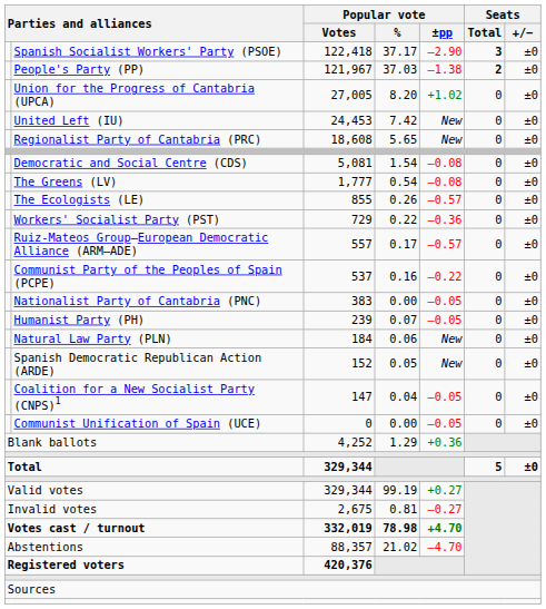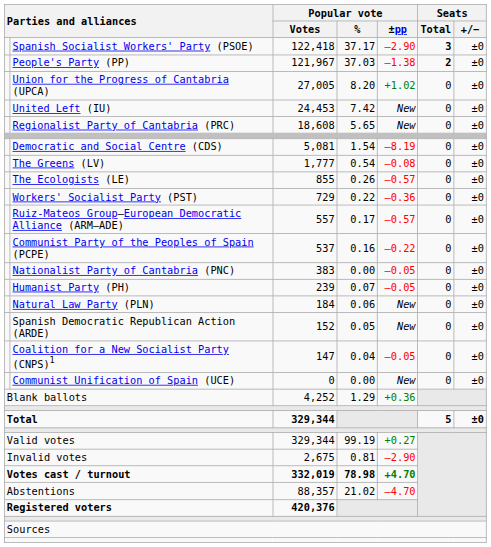 <table class="wikitable" style="text-align:right;">
 <tr>
 <th style="text-align:left;" rowspan="2" colspan="2" width="525">Parties and alliances</th>
 <th colspan="3">Popular vote</th>
 <th colspan="2">Seats</th>
 </tr>
 <tr>
 <th width="75">Votes</th>
 <th width="45">%</th>
 <th width="45">±<a href='#'>pp</a></th>
 <th width="35">Total</th>
 <th width="35">+/−</th>
 </tr>
 <tr>
 <td width="1" style="color:inherit;background:"></td>
 <td align="left"><a href='#'>Spanish Socialist Workers' Party</a> (PSOE)</td>
 <td>122,418</td>
 <td>37.17</td>
 <td style="color:red;">–2.90</td>
 <td><strong>3</strong></td>
 <td>±0</td>
 </tr>
 <tr>
 <td style="color:inherit;background:"></td>
 <td align="left"><a href='#'>People's Party</a> (PP)</td>
 <td>121,967</td>
 <td>37.03</td>
 <td style="color:red;">–1.38</td>
 <td><strong>2</strong></td>
 <td>±0</td>
 </tr>
 <tr>
 <td style="color:inherit;background:"></td>
 <td align="left"><a href='#'>Union for the Progress of Cantabria</a> (UPCA)</td>
 <td>27,005</td>
 <td>8.20</td>
 <td style="color:green;">+1.02</td>
 <td>0</td>
 <td>±0</td>
 </tr>
 <tr>
 <td style="color:inherit;background:"></td>
 <td align="left"><a href='#'>United Left</a> (IU)</td>
 <td>24,453</td>
 <td>7.42</td>
 <td><em>New</em></td>
 <td>0</td>
 <td>±0</td>
 </tr>
 <tr>
 <td style="color:inherit;background:"></td>
 <td align="left"><a href='#'>Regionalist Party of Cantabria</a> (PRC)</td>
 <td>18,608</td>
 <td>5.65</td>
 <td><em>New</em></td>
 <td>0</td>
 <td>±0</td>
 </tr>
 <tr>
 <td colspan="7" bgcolor="#C0C0C0"></td>
 </tr>
 <tr>
 <td style="color:inherit;background:"></td>
 <td align="left"><a href='#'>Democratic and Social Centre</a> (CDS)</td>
 <td>5,081</td>
 <td>1.54</td>
-<td style="color:red;">–0.08</td>
+<td style="color:red;">–8.19</td>
 <td>0</td>
 <td>±0</td>
 </tr>
 <tr>
 <td style="color:inherit;background:"></td>
 <td align="left"><a href='#'>The Greens</a> (LV)</td>
 <td>1,777</td>
 <td>0.54</td>
 <td style="color:red;">–0.08</td>
 <td>0</td>
 <td>±0</td>
 </tr>
 <tr>
 <td style="color:inherit;background:"></td>
 <td align="left"><a href='#'>The Ecologists</a> (LE)</td>
 <td>855</td>
 <td>0.26</td>
 <td style="color:red;">–0.57</td>
 <td>0</td>
 <td>±0</td>
 </tr>
 <tr>
 <td style="color:inherit;background:"></td>
 <td align="left"><a href='#'>Workers' Socialist Party</a> (PST)</td>
 <td>729</td>
 <td>0.22</td>
 <td style="color:red;">–0.36</td>
 <td>0</td>
 <td>±0</td>
 </tr>
 <tr>
 <td style="color:inherit;background:"></td>
 <td align="left"><a href='#'>Ruiz-Mateos Group</a>–<a href='#'>European Democratic Alliance</a> (ARM–ADE)</td>
 <td>557</td>
 <td>0.17</td>
 <td style="color:red;">–0.57</td>
 <td>0</td>
 <td>±0</td>
 </tr>
 <tr>
 <td style="color:inherit;background:"></td>
 <td align="left"><a href='#'>Communist Party of the Peoples of Spain</a> (PCPE)</td>
 <td>537</td>
 <td>0.16</td>
 <td style="color:red;">–0.22</td>
 <td>0</td>
 <td>±0</td>
 </tr>
 <tr>
 <td style="color:inherit;background:"></td>
 <td align="left"><a href='#'>Nationalist Party of Cantabria</a> (PNC)</td>
 <td>383</td>
 <td>0.00</td>
 <td style="color:red;">–0.05</td>
 <td>0</td>
 <td>±0</td>
 </tr>
 <tr>
 <td style="color:inherit;background:"></td>
 <td align="left"><a href='#'>Humanist Party</a> (PH)</td>
 <td>239</td>
 <td>0.07</td>
 <td style="color:red;">–0.05</td>
 <td>0</td>
 <td>±0</td>
 </tr>
 <tr>
 <td style="color:inherit;background:"></td>
 <td align="left"><a href='#'>Natural Law Party</a> (PLN)</td>
 <td>184</td>
 <td>0.06</td>
 <td><em>New</em></td>
 <td>0</td>
 <td>±0</td>
 </tr>
 <tr>
 <td style="color:inherit;background:"></td>
 <td align="left">Spanish Democratic Republican Action (ARDE)</td>
 <td>152</td>
 <td>0.05</td>
 <td><em>New</em></td>
 <td>0</td>
 <td>±0</td>
 </tr>
 <tr>
 <td style="color:inherit;background:"></td>
 <td align="left"><a href='#'>Coalition for a New Socialist Party</a> (CNPS)<sup>1</sup></td>
 <td>147</td>
 <td>0.04</td>
 <td style="color:red;">–0.05</td>
 <td>0</td>
 <td>±0</td>
 </tr>
 <tr>
 <td style="color:inherit;background:"></td>
 <td align="left"><a href='#'>Communist Unification of Spain</a> (UCE)</td>
 <td>0</td>
 <td>0.00</td>
-<td style="color:red;">–0.05</td>
+<td><em>New</em></td>
 <td>0</td>
 <td>±0</td>
 </tr>
 <tr>
 <td align="left" colspan="2">Blank ballots</td>
 <td>4,252</td>
 <td>1.29</td>
 <td style="color:green;">+0.36</td>
 <td bgcolor="#E9E9E9" colspan="2"></td>
 </tr>
 <tr>
 <td colspan="7" bgcolor="#E9E9E9"></td>
 </tr>
 <tr style="font-weight:bold;">
 <td align="left" colspan="2">Total</td>
 <td>329,344</td>
 <td bgcolor="#E9E9E9" colspan="2"></td>
 <td>5</td>
 <td>±0</td>
 </tr>
 <tr>
 <td colspan="7" bgcolor="#E9E9E9"></td>
 </tr>
 <tr>
 <td align="left" colspan="2">Valid votes</td>
 <td>329,344</td>
 <td>99.19</td>
 <td style="color:green;">+0.27</td>
 <td bgcolor="#E9E9E9" colspan="2" rowspan="5"></td>
 </tr>
 <tr>
 <td align="left" colspan="2">Invalid votes</td>
 <td>2,675</td>
 <td>0.81</td>
-<td style="color:red;">–0.27</td>
+<td style="color:red;">–2.90</td>
 </tr>
 <tr style="font-weight:bold;">
 <td align="left" colspan="2">Votes cast / turnout</td>
 <td>332,019</td>
 <td>78.98</td>
 <td style="color:green;">+4.70</td>
 </tr>
 <tr>
 <td align="left" colspan="2">Abstentions</td>
 <td>88,357</td>
 <td>21.02</td>
 <td style="color:red;">–4.70</td>
 </tr>
 <tr style="font-weight:bold;">
 <td align="left" colspan="2">Registered voters</td>
 <td>420,376</td>
 <td bgcolor="#E9E9E9" colspan="2"></td>
 </tr>
 <tr>
 <td colspan="7" bgcolor="#E9E9E9"></td>
 </tr>
 <tr>
 <td align="left" colspan="7">Sources</td>
 </tr>
 <tr>
 <td colspan="7" style="text-align:left; max-width:790px;"></td>
 </tr>
 </table>
